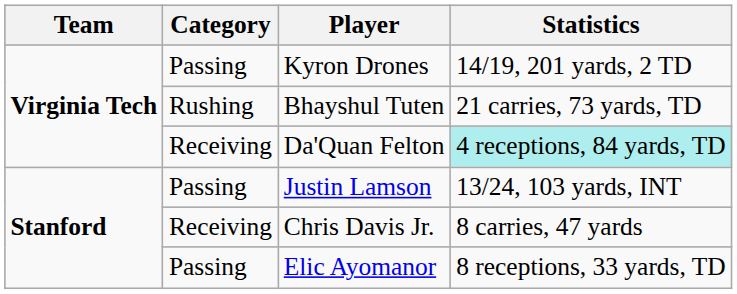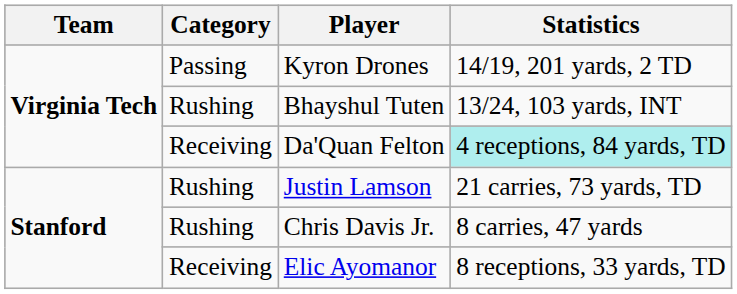 <table class="wikitable" style="float: right;">
 <tr>
 <th>Team</th>
 <th>Category</th>
 <th>Player</th>
 <th>Statistics</th>
 </tr>
 <tr>
 <td rowspan=3><strong>Virginia Tech</strong></td>
 <td>Passing</td>
 <td>Kyron Drones</td>
 <td>14/19, 201 yards, 2 TD</td>
 </tr>
 <tr>
 <td>Rushing</td>
 <td>Bhayshul Tuten</td>
-<td>21 carries, 73 yards, TD</td>
+<td>13/24, 103 yards, INT</td>
 </tr>
 <tr>
 <td>Receiving</td>
 <td>Da'Quan Felton</td>
 <td style="background: paleturquoise;">4 receptions, 84 yards, TD</td>
 </tr>
 <tr>
 <td rowspan=3><strong>Stanford</strong></td>
-<td>Passing</td>
+<td>Rushing</td>
 <td><a href='#'>Justin Lamson</a></td>
-<td>13/24, 103 yards, INT</td>
+<td>21 carries, 73 yards, TD</td>
 </tr>
 <tr>
-<td>Receiving</td>
+<td>Rushing</td>
 <td>Chris Davis Jr.</td>
 <td>8 carries, 47 yards</td>
 </tr>
 <tr>
-<td>Passing</td>
+<td>Receiving</td>
 <td><a href='#'>Elic Ayomanor</a></td>
 <td>8 receptions, 33 yards, TD</td>
 </tr>
 </table>
